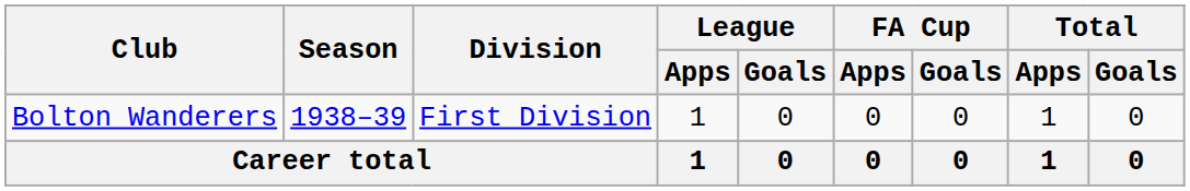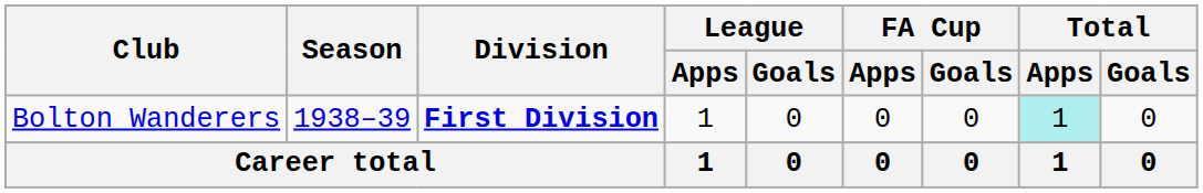 <table class="wikitable" style="text-align:center;">
 <tr>
 <th rowspan="2">Club</th>
 <th rowspan="2">Season</th>
 <th rowspan="2">Division</th>
 <th colspan="2">League</th>
 <th colspan="2">FA Cup</th>
 <th colspan="2">Total</th>
 </tr>
 <tr>
 <th>Apps</th>
 <th>Goals</th>
 <th>Apps</th>
 <th>Goals</th>
 <th>Apps</th>
 <th>Goals</th>
 </tr>
 <tr>
 <td><a href='#'>Bolton Wanderers</a></td>
 <td><a href='#'>1938–39</a></td>
-<td><a href='#'>First Division</a></td>
+<td><strong><a href='#'>First Division</a></strong></td>
 <td>1</td>
 <td>0</td>
 <td>0</td>
 <td>0</td>
-<td>1</td>
+<td style="background: paleturquoise;">1</td>
 <td>0</td>
 </tr>
 <tr>
 <th colspan="3">Career total</th>
 <th>1</th>
 <th>0</th>
 <th>0</th>
 <th>0</th>
 <th>1</th>
 <th>0</th>
 </tr>
 </table>
